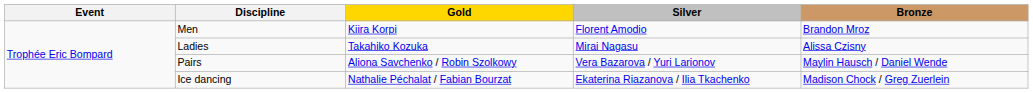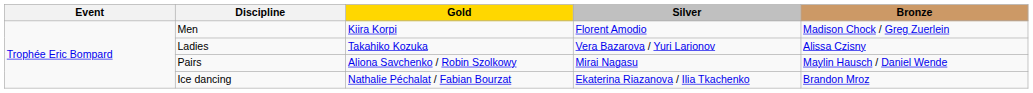 <table class="wikitable" width="98%">
 <tr>
 <th width="15%">Event</th>
 <th width="15%">Discipline</th>
 <td width = "20%" align="center" bgcolor="gold"><strong>Gold</strong></td>
 <td width = "20%" align="center" bgcolor="silver"><strong>Silver</strong></td>
 <td width = "20%" align="center" bgcolor="cc9966"><strong>Bronze</strong></td>
 </tr>
 <tr>
 <td rowspan="4"> <a href='#'>Trophée Eric Bompard</a></td>
 <td>Men</td>
 <td> <a href='#'>Kiira Korpi</a></td>
 <td> <a href='#'>Florent Amodio</a></td>
-<td> <a href='#'>Brandon Mroz</a></td>
+<td> <a href='#'>Madison Chock</a> / <a href='#'>Greg Zuerlein</a></td>
 </tr>
 <tr>
 <td>Ladies</td>
 <td> <a href='#'>Takahiko Kozuka</a></td>
-<td> <a href='#'>Mirai Nagasu</a></td>
+<td> <a href='#'>Vera Bazarova</a> / <a href='#'>Yuri Larionov</a></td>
 <td> <a href='#'>Alissa Czisny</a></td>
 </tr>
 <tr>
 <td>Pairs</td>
 <td> <a href='#'>Aliona Savchenko</a> / <a href='#'>Robin Szolkowy</a></td>
-<td> <a href='#'>Vera Bazarova</a> / <a href='#'>Yuri Larionov</a></td>
+<td> <a href='#'>Mirai Nagasu</a></td>
 <td> <a href='#'>Maylin Hausch</a> / <a href='#'>Daniel Wende</a></td>
 </tr>
 <tr>
 <td>Ice dancing</td>
 <td> <a href='#'>Nathalie Péchalat</a> / <a href='#'>Fabian Bourzat</a></td>
 <td> <a href='#'>Ekaterina Riazanova</a> / <a href='#'>Ilia Tkachenko</a></td>
-<td> <a href='#'>Madison Chock</a> / <a href='#'>Greg Zuerlein</a></td>
+<td> <a href='#'>Brandon Mroz</a></td>
 </tr>
 </table>
